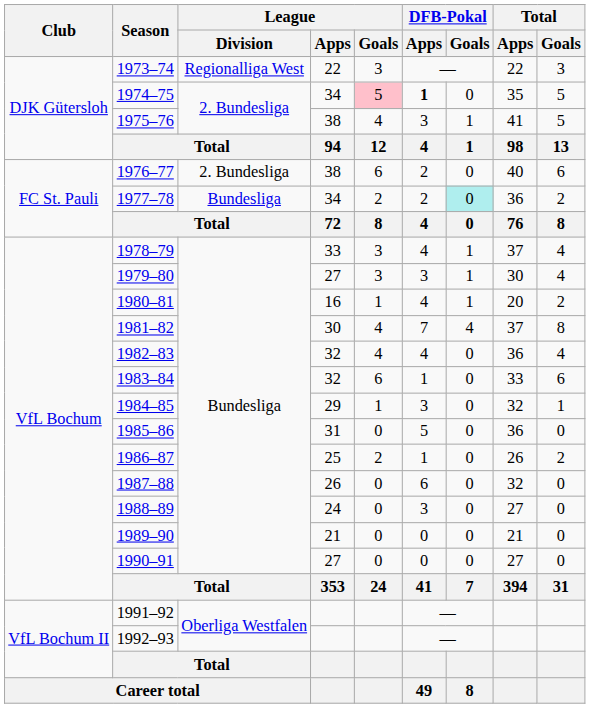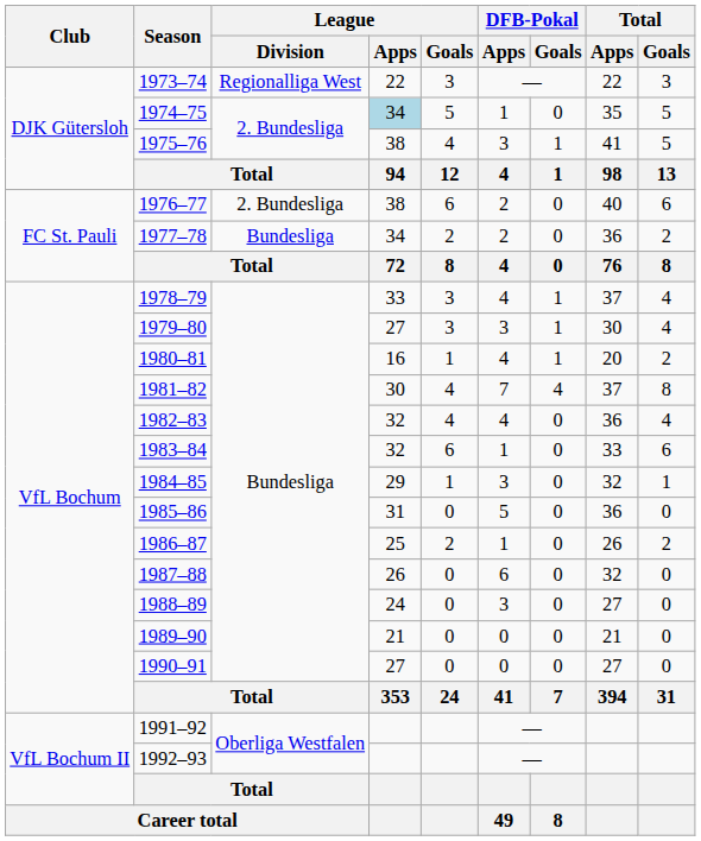 <table class="wikitable" style="text-align:center">
 <tr>
 <th rowspan="2">Club</th>
 <th rowspan="2">Season</th>
 <th colspan="3">League</th>
 <th colspan="2"><a href='#'>DFB-Pokal</a></th>
 <th colspan="2">Total</th>
 </tr>
 <tr>
 <th>Division</th>
 <th>Apps</th>
 <th>Goals</th>
 <th>Apps</th>
 <th>Goals</th>
 <th>Apps</th>
 <th>Goals</th>
 </tr>
 <tr>
 <td rowspan="4"><a href='#'>DJK Gütersloh</a></td>
 <td><a href='#'>1973–74</a></td>
 <td><a href='#'>Regionalliga West</a></td>
 <td>22</td>
 <td>3</td>
 <td colspan="2">—</td>
 <td>22</td>
 <td>3</td>
 </tr>
 <tr>
 <td><a href='#'>1974–75</a></td>
 <td rowspan="2"><a href='#'>2. Bundesliga</a></td>
-<td>34</td>
-<td style="background: pink;">5</td>
-<td><strong>1</strong></td>
+<td style="background: lightblue;">34</td>
+<td>5</td>
+<td>1</td>
 <td>0</td>
 <td>35</td>
 <td>5</td>
 </tr>
 <tr>
 <td><a href='#'>1975–76</a></td>
 <td>38</td>
 <td>4</td>
 <td>3</td>
 <td>1</td>
 <td>41</td>
 <td>5</td>
 </tr>
 <tr>
 <th colspan="2">Total</th>
 <th>94</th>
 <th>12</th>
 <th>4</th>
 <th>1</th>
 <th>98</th>
 <th>13</th>
 </tr>
 <tr>
 <td rowspan="3"><a href='#'>FC St. Pauli</a></td>
 <td><a href='#'>1976–77</a></td>
 <td>2. Bundesliga</td>
 <td>38</td>
 <td>6</td>
 <td>2</td>
 <td>0</td>
 <td>40</td>
 <td>6</td>
 </tr>
 <tr>
 <td><a href='#'>1977–78</a></td>
 <td><a href='#'>Bundesliga</a></td>
 <td>34</td>
 <td>2</td>
 <td>2</td>
-<td style="background: paleturquoise;">0</td>
+<td>0</td>
 <td>36</td>
 <td>2</td>
 </tr>
 <tr>
 <th colspan="2">Total</th>
 <th>72</th>
 <th>8</th>
 <th>4</th>
 <th>0</th>
 <th>76</th>
 <th>8</th>
 </tr>
 <tr>
 <td rowspan="14"><a href='#'>VfL Bochum</a></td>
 <td><a href='#'>1978–79</a></td>
 <td rowspan="13">Bundesliga</td>
 <td>33</td>
 <td>3</td>
 <td>4</td>
 <td>1</td>
 <td>37</td>
 <td>4</td>
 </tr>
 <tr>
 <td><a href='#'>1979–80</a></td>
 <td>27</td>
 <td>3</td>
 <td>3</td>
 <td>1</td>
 <td>30</td>
 <td>4</td>
 </tr>
 <tr>
 <td><a href='#'>1980–81</a></td>
 <td>16</td>
 <td>1</td>
 <td>4</td>
 <td>1</td>
 <td>20</td>
 <td>2</td>
 </tr>
 <tr>
 <td><a href='#'>1981–82</a></td>
 <td>30</td>
 <td>4</td>
 <td>7</td>
 <td>4</td>
 <td>37</td>
 <td>8</td>
 </tr>
 <tr>
 <td><a href='#'>1982–83</a></td>
 <td>32</td>
 <td>4</td>
 <td>4</td>
 <td>0</td>
 <td>36</td>
 <td>4</td>
 </tr>
 <tr>
 <td><a href='#'>1983–84</a></td>
 <td>32</td>
 <td>6</td>
 <td>1</td>
 <td>0</td>
 <td>33</td>
 <td>6</td>
 </tr>
 <tr>
 <td><a href='#'>1984–85</a></td>
 <td>29</td>
 <td>1</td>
 <td>3</td>
 <td>0</td>
 <td>32</td>
 <td>1</td>
 </tr>
 <tr>
 <td><a href='#'>1985–86</a></td>
 <td>31</td>
 <td>0</td>
 <td>5</td>
 <td>0</td>
 <td>36</td>
 <td>0</td>
 </tr>
 <tr>
 <td><a href='#'>1986–87</a></td>
 <td>25</td>
 <td>2</td>
 <td>1</td>
 <td>0</td>
 <td>26</td>
 <td>2</td>
 </tr>
 <tr>
 <td><a href='#'>1987–88</a></td>
 <td>26</td>
 <td>0</td>
 <td>6</td>
 <td>0</td>
 <td>32</td>
 <td>0</td>
 </tr>
 <tr>
 <td><a href='#'>1988–89</a></td>
 <td>24</td>
 <td>0</td>
 <td>3</td>
 <td>0</td>
 <td>27</td>
 <td>0</td>
 </tr>
 <tr>
 <td><a href='#'>1989–90</a></td>
 <td>21</td>
 <td>0</td>
 <td>0</td>
 <td>0</td>
 <td>21</td>
 <td>0</td>
 </tr>
 <tr>
 <td><a href='#'>1990–91</a></td>
 <td>27</td>
 <td>0</td>
 <td>0</td>
 <td>0</td>
 <td>27</td>
 <td>0</td>
 </tr>
 <tr>
 <th colspan="2">Total</th>
 <th>353</th>
 <th>24</th>
 <th>41</th>
 <th>7</th>
 <th>394</th>
 <th>31</th>
 </tr>
 <tr>
 <td rowspan="3"><a href='#'>VfL Bochum II</a></td>
 <td>1991–92</td>
 <td rowspan="2"><a href='#'>Oberliga Westfalen</a></td>
 <td></td>
 <td></td>
 <td colspan="2">—</td>
 <td></td>
 <td></td>
 </tr>
 <tr>
 <td>1992–93</td>
 <td></td>
 <td></td>
 <td colspan="2">—</td>
 <td></td>
 <td></td>
 </tr>
 <tr>
 <th colspan="2">Total</th>
 <th></th>
 <th></th>
 <th></th>
 <th></th>
 <th></th>
 <th></th>
 </tr>
 <tr>
 <th colspan="3">Career total</th>
 <th></th>
 <th></th>
 <th>49</th>
 <th>8</th>
 <th></th>
 <th></th>
 </tr>
 </table>
